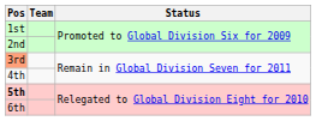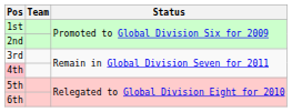 <table class="wikitable">
 <tr>
 <th>Pos</th>
 <th>Team</th>
 <th>Status</th>
 </tr>
 <tr style="background:#cfc">
 <td align="center">1st</td>
 <td></td>
 <td rowspan=2>Promoted to <a href='#'>Global Division Six for 2009</a></td>
 </tr>
 <tr style="background:#cfc">
 <td align="center">2nd</td>
 <td></td>
 </tr>
 <tr>
-<td align="center" style="background: lightsalmon;">3rd</td>
+<td align="center">3rd</td>
 <td></td>
 <td rowspan=2>Remain in <a href='#'>Global Division Seven for 2011</a></td>
 </tr>
 <tr>
-<td align="center">4th</td>
+<td align="center" style="background: pink;">4th</td>
 <td></td>
 </tr>
 <tr style="background:#fcc">
-<td align="center"><strong>5th</strong></td>
+<td align="center">5th</td>
 <td></td>
 <td rowspan=2>Relegated to <a href='#'>Global Division Eight for 2010</a></td>
 </tr>
 <tr style="background:#fcc">
 <td align="center">6th</td>
 <td></td>
 </tr>
 </table>
